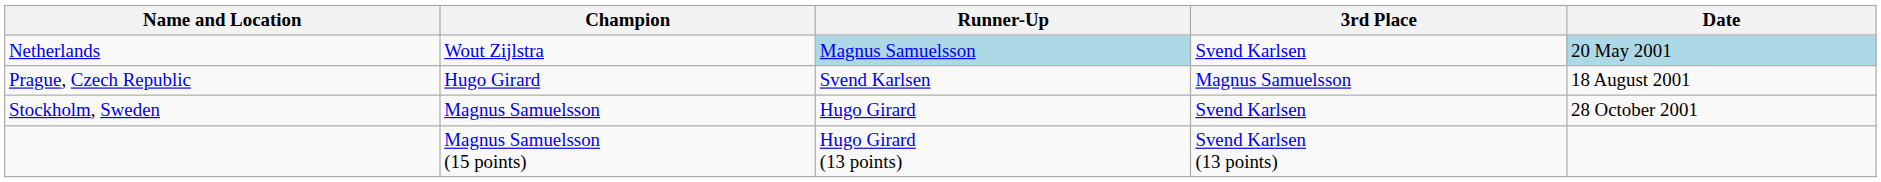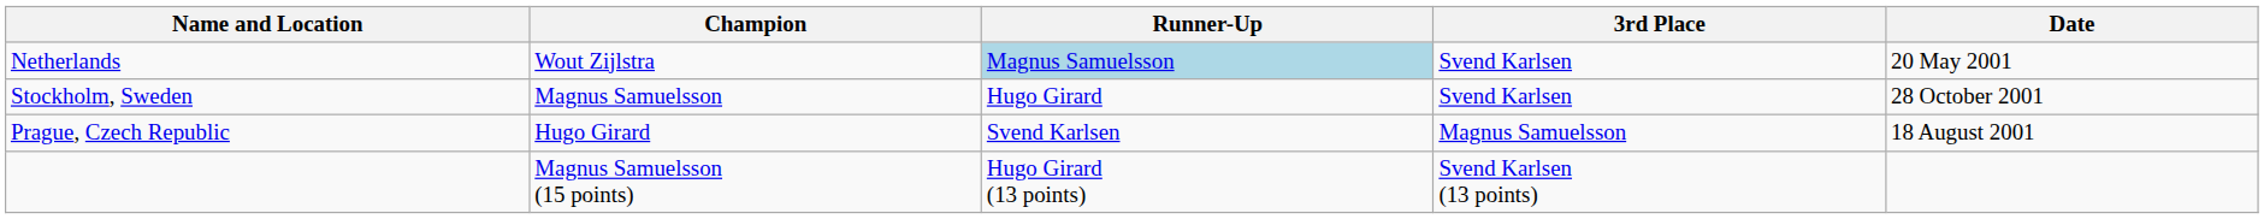 <table class="wikitable" style="display: inline-table;width: 80%;">
 <tr>
 <th>Name and Location</th>
 <th>Champion</th>
 <th>Runner-Up</th>
 <th>3rd Place</th>
 <th>Date</th>
 </tr>
 <tr>
 <td> <a href='#'>Netherlands</a> <br> </td>
 <td> <a href='#'>Wout Zijlstra</a></td>
 <td style="background: lightblue;"> <a href='#'>Magnus Samuelsson</a></td>
 <td> <a href='#'>Svend Karlsen</a></td>
-<td style="background: lightblue;">20 May 2001</td>
+<td>20 May 2001</td>
+</tr>
+<tr>
+<td> <a href='#'>Stockholm</a>, <a href='#'>Sweden</a> <br> </td>
+<td> <a href='#'>Magnus Samuelsson</a></td>
+<td> <a href='#'>Hugo Girard</a></td>
+<td> <a href='#'>Svend Karlsen</a></td>
+<td>28 October 2001</td>
 </tr>
 <tr>
 <td> <a href='#'>Prague</a>, <a href='#'>Czech Republic</a> <br> </td>
 <td> <a href='#'>Hugo Girard</a></td>
 <td> <a href='#'>Svend Karlsen</a></td>
 <td> <a href='#'>Magnus Samuelsson</a></td>
 <td>18 August 2001</td>
 </tr>
 <tr>
-<td> <a href='#'>Stockholm</a>, <a href='#'>Sweden</a> <br> </td>
-<td> <a href='#'>Magnus Samuelsson</a></td>
-<td> <a href='#'>Hugo Girard</a></td>
-<td> <a href='#'>Svend Karlsen</a></td>
-<td>28 October 2001</td>
-</tr>
-<tr>
 <td></td>
 <td> <a href='#'>Magnus Samuelsson</a> <br> (15 points)</td>
 <td> <a href='#'>Hugo Girard</a> <br> (13 points)</td>
 <td> <a href='#'>Svend Karlsen</a> <br> (13 points)</td>
 <td></td>
 </tr>
 </table>
